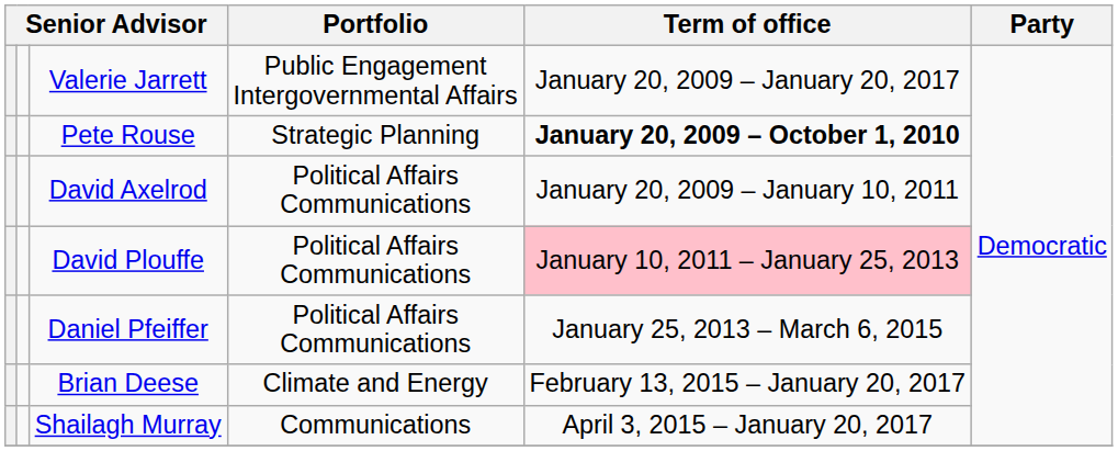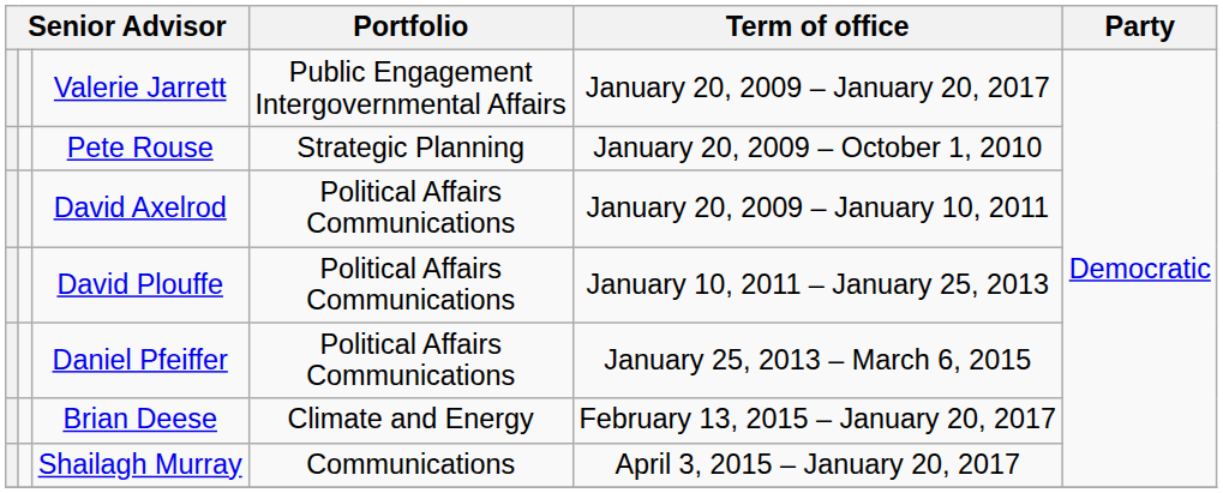 <table class="wikitable" style="text-align:center">
 <tr>
 <th colspan="3">Senior Advisor</th>
 <th>Portfolio</th>
 <th>Term of office</th>
 <th>Party</th>
 </tr>
 <tr>
 <th style="background:"></th>
 <td></td>
 <td><a href='#'>Valerie Jarrett</a><br></td>
 <td>Public Engagement<br>Intergovernmental Affairs</td>
 <td>January 20, 2009 – January 20, 2017</td>
 <td rowspan="7"><a href='#'>Democratic</a></td>
 </tr>
 <tr>
 <th style="background:"></th>
 <td></td>
 <td><a href='#'>Pete Rouse</a><br></td>
 <td>Strategic Planning</td>
-<td><strong>January 20, 2009 – October 1, 2010</strong></td>
+<td>January 20, 2009 – October 1, 2010</td>
 </tr>
 <tr>
 <th style="background:"></th>
 <td></td>
 <td><a href='#'>David Axelrod</a><br></td>
 <td>Political Affairs<br>Communications</td>
 <td>January 20, 2009 – January 10, 2011</td>
 </tr>
 <tr>
 <th style="background:"></th>
 <td></td>
 <td><a href='#'>David Plouffe</a><br></td>
 <td>Political Affairs<br>Communications</td>
-<td style="background: pink;">January 10, 2011 – January 25, 2013</td>
+<td>January 10, 2011 – January 25, 2013</td>
 </tr>
 <tr>
 <th style="background:"></th>
 <td></td>
 <td><a href='#'>Daniel Pfeiffer</a><br></td>
 <td>Political Affairs<br>Communications</td>
 <td>January 25, 2013 – March 6, 2015</td>
 </tr>
 <tr>
 <th style="background:"></th>
 <td></td>
 <td><a href='#'>Brian Deese</a><br></td>
 <td>Climate and Energy</td>
 <td>February 13, 2015 – January 20, 2017</td>
 </tr>
 <tr>
 <th style="background:"></th>
 <td></td>
 <td><a href='#'>Shailagh Murray</a><br></td>
 <td>Communications</td>
 <td>April 3, 2015 – January 20, 2017</td>
 </tr>
 <tr>
 </tr>
 </table>
